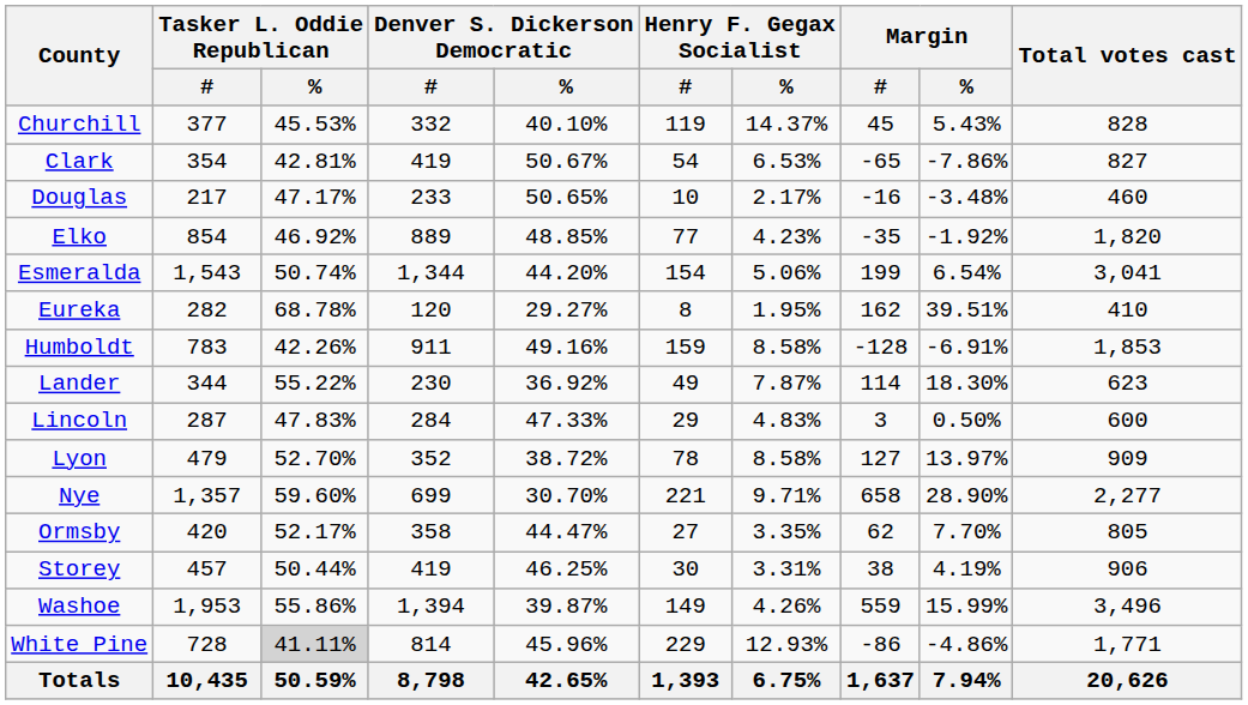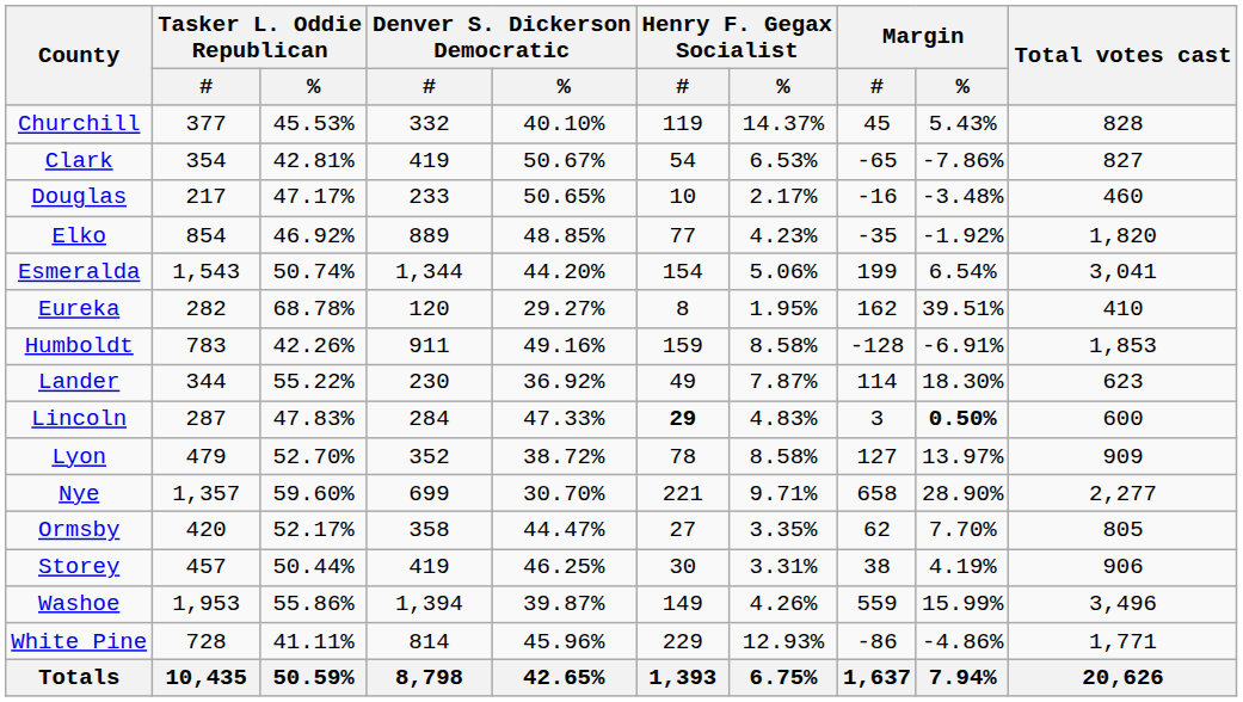 <table class="wikitable sortable" style="text-align:center">
 <tr>
 <th rowspan="2">County</th>
 <th style="text-align:center;" colspan="2">Tasker L. Oddie<br>Republican</th>
 <th style="text-align:center;" colspan="2">Denver S. Dickerson<br>Democratic</th>
 <th style="text-align:center;" colspan="2">Henry F. Gegax<br>Socialist</th>
 <th style="text-align:center;" colspan="2">Margin</th>
 <th style="text-align:center;" rowspan="2">Total votes cast</th>
 </tr>
 <tr>
 <th style="text-align:center;" data-sort-type="number">#</th>
 <th style="text-align:center;" data-sort-type="number">%</th>
 <th style="text-align:center;" data-sort-type="number">#</th>
 <th style="text-align:center;" data-sort-type="number">%</th>
 <th style="text-align:center;" data-sort-type="number">#</th>
 <th style="text-align:center;" data-sort-type="number">%</th>
 <th style="text-align:center;" data-sort-type="number">#</th>
 <th style="text-align:center;" data-sort-type="number">%</th>
 </tr>
 <tr style="text-align:center;">
 <td><a href='#'>Churchill</a></td>
 <td>377</td>
 <td>45.53%</td>
 <td>332</td>
 <td>40.10%</td>
 <td>119</td>
 <td>14.37%</td>
 <td>45</td>
 <td>5.43%</td>
 <td>828</td>
 </tr>
 <tr style="text-align:center;">
 <td><a href='#'>Clark</a></td>
 <td>354</td>
 <td>42.81%</td>
 <td>419</td>
 <td>50.67%</td>
 <td>54</td>
 <td>6.53%</td>
 <td>-65</td>
 <td>-7.86%</td>
 <td>827</td>
 </tr>
 <tr style="text-align:center;">
 <td><a href='#'>Douglas</a></td>
 <td>217</td>
 <td>47.17%</td>
 <td>233</td>
 <td>50.65%</td>
 <td>10</td>
 <td>2.17%</td>
 <td>-16</td>
 <td>-3.48%</td>
 <td>460</td>
 </tr>
 <tr style="text-align:center;">
 <td><a href='#'>Elko</a></td>
 <td>854</td>
 <td>46.92%</td>
 <td>889</td>
 <td>48.85%</td>
 <td>77</td>
 <td>4.23%</td>
 <td>-35</td>
 <td>-1.92%</td>
 <td>1,820</td>
 </tr>
 <tr style="text-align:center;">
 <td><a href='#'>Esmeralda</a></td>
 <td>1,543</td>
 <td>50.74%</td>
 <td>1,344</td>
 <td>44.20%</td>
 <td>154</td>
 <td>5.06%</td>
 <td>199</td>
 <td>6.54%</td>
 <td>3,041</td>
 </tr>
 <tr style="text-align:center;">
 <td><a href='#'>Eureka</a></td>
 <td>282</td>
 <td>68.78%</td>
 <td>120</td>
 <td>29.27%</td>
 <td>8</td>
 <td>1.95%</td>
 <td>162</td>
 <td>39.51%</td>
 <td>410</td>
 </tr>
 <tr style="text-align:center;">
 <td><a href='#'>Humboldt</a></td>
 <td>783</td>
 <td>42.26%</td>
 <td>911</td>
 <td>49.16%</td>
 <td>159</td>
 <td>8.58%</td>
 <td>-128</td>
 <td>-6.91%</td>
 <td>1,853</td>
 </tr>
 <tr style="text-align:center;">
 <td><a href='#'>Lander</a></td>
 <td>344</td>
 <td>55.22%</td>
 <td>230</td>
 <td>36.92%</td>
 <td>49</td>
 <td>7.87%</td>
 <td>114</td>
 <td>18.30%</td>
 <td>623</td>
 </tr>
 <tr style="text-align:center;">
 <td><a href='#'>Lincoln</a></td>
 <td>287</td>
 <td>47.83%</td>
 <td>284</td>
 <td>47.33%</td>
-<td>29</td>
+<td><strong>29</strong></td>
 <td>4.83%</td>
 <td>3</td>
-<td>0.50%</td>
+<td><strong>0.50%</strong></td>
 <td>600</td>
 </tr>
 <tr style="text-align:center;">
 <td><a href='#'>Lyon</a></td>
 <td>479</td>
 <td>52.70%</td>
 <td>352</td>
 <td>38.72%</td>
 <td>78</td>
 <td>8.58%</td>
 <td>127</td>
 <td>13.97%</td>
 <td>909</td>
 </tr>
 <tr style="text-align:center;">
 <td><a href='#'>Nye</a></td>
 <td>1,357</td>
 <td>59.60%</td>
 <td>699</td>
 <td>30.70%</td>
 <td>221</td>
 <td>9.71%</td>
 <td>658</td>
 <td>28.90%</td>
 <td>2,277</td>
 </tr>
 <tr style="text-align:center;">
 <td><a href='#'>Ormsby</a></td>
 <td>420</td>
 <td>52.17%</td>
 <td>358</td>
 <td>44.47%</td>
 <td>27</td>
 <td>3.35%</td>
 <td>62</td>
 <td>7.70%</td>
 <td>805</td>
 </tr>
 <tr style="text-align:center;">
 <td><a href='#'>Storey</a></td>
 <td>457</td>
 <td>50.44%</td>
 <td>419</td>
 <td>46.25%</td>
 <td>30</td>
 <td>3.31%</td>
 <td>38</td>
 <td>4.19%</td>
 <td>906</td>
 </tr>
 <tr style="text-align:center;">
 <td><a href='#'>Washoe</a></td>
 <td>1,953</td>
 <td>55.86%</td>
 <td>1,394</td>
 <td>39.87%</td>
 <td>149</td>
 <td>4.26%</td>
 <td>559</td>
 <td>15.99%</td>
 <td>3,496</td>
 </tr>
 <tr style="text-align:center;">
 <td><a href='#'>White Pine</a></td>
 <td>728</td>
-<td style="background: lightgrey;">41.11%</td>
+<td>41.11%</td>
 <td>814</td>
 <td>45.96%</td>
 <td>229</td>
 <td>12.93%</td>
 <td>-86</td>
 <td>-4.86%</td>
 <td>1,771</td>
 </tr>
 <tr style="text-align:center;">
 <th>Totals</th>
 <th>10,435</th>
 <th>50.59%</th>
 <th>8,798</th>
 <th>42.65%</th>
 <th>1,393</th>
 <th>6.75%</th>
 <th>1,637</th>
 <th>7.94%</th>
 <th>20,626</th>
 </tr>
 </table>
